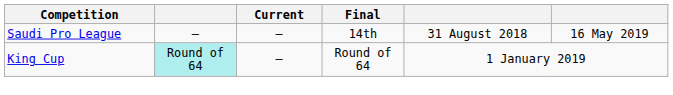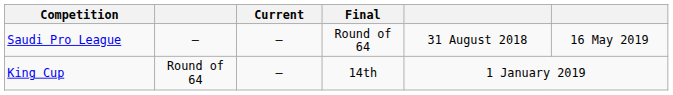 <table class="wikitable" style="text-align:center; width:730px;">
 <tr>
 <th style="text-align:center; width:185px;">Competition</th>
 <th style="text-align:center; width:100px;"></th>
 <th style="text-align:center; width:100px;">Current<br></th>
 <th style="text-align:center; width:100px;">Final<br></th>
 <th style="text-align:center; width:195px;"></th>
 <th style="text-align:center; width:155px;"></th>
 </tr>
 <tr>
 <td style="text-align:left;"><a href='#'>Saudi Pro League</a></td>
 <td>—</td>
 <td>—</td>
-<td>14th</td>
+<td>Round of 64</td>
 <td>31 August 2018</td>
 <td>16 May 2019</td>
 </tr>
 <tr>
 <td style="text-align:left;"><a href='#'>King Cup</a></td>
-<td style="background: paleturquoise;">Round of 64</td>
+<td>Round of 64</td>
 <td>—</td>
-<td>Round of 64</td>
+<td>14th</td>
 <td colspan=2>1 January 2019</td>
 </tr>
 </table>
